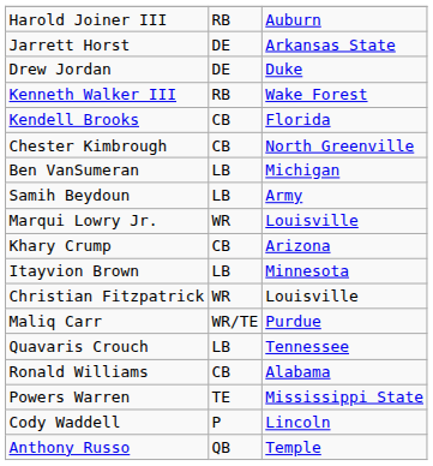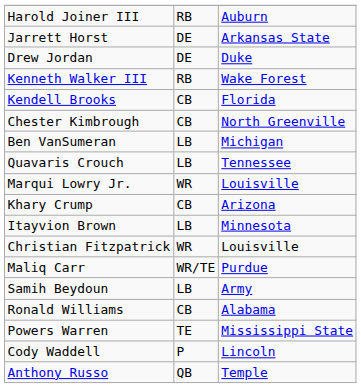 <table class="wikitable" style="display: inline-table;">
 <tr align="center">
 </tr>
 <tr>
 <td>Harold Joiner III</td>
 <td>RB</td>
 <td><a href='#'>Auburn</a></td>
 </tr>
 <tr>
 <td>Jarrett Horst</td>
 <td>DE</td>
 <td><a href='#'>Arkansas State</a></td>
 </tr>
 <tr>
 <td>Drew Jordan</td>
 <td>DE</td>
 <td><a href='#'>Duke</a></td>
 </tr>
 <tr>
 <td><a href='#'>Kenneth Walker III</a></td>
 <td>RB</td>
 <td><a href='#'>Wake Forest</a></td>
 </tr>
 <tr>
 <td><a href='#'>Kendell Brooks</a></td>
 <td>CB</td>
 <td><a href='#'>Florida</a></td>
 </tr>
 <tr>
 <td>Chester Kimbrough</td>
 <td>CB</td>
 <td><a href='#'>North Greenville</a></td>
 </tr>
 <tr>
 <td>Ben VanSumeran</td>
 <td>LB</td>
 <td><a href='#'>Michigan</a></td>
 </tr>
 <tr>
-<td>Samih Beydoun</td>
+<td>Quavaris Crouch</td>
 <td>LB</td>
-<td><a href='#'>Army</a></td>
+<td><a href='#'>Tennessee</a></td>
 </tr>
 <tr>
 <td>Marqui Lowry Jr.</td>
 <td>WR</td>
 <td><a href='#'>Louisville</a></td>
 </tr>
 <tr>
 <td>Khary Crump</td>
 <td>CB</td>
 <td><a href='#'>Arizona</a></td>
 </tr>
 <tr>
 <td>Itayvion Brown</td>
 <td>LB</td>
 <td><a href='#'>Minnesota</a></td>
 </tr>
 <tr>
 <td>Christian Fitzpatrick</td>
 <td>WR</td>
 <td>Louisville</td>
 </tr>
 <tr>
 <td>Maliq Carr</td>
 <td>WR/TE</td>
 <td><a href='#'>Purdue</a></td>
 </tr>
 <tr>
-<td>Quavaris Crouch</td>
+<td>Samih Beydoun</td>
 <td>LB</td>
-<td><a href='#'>Tennessee</a></td>
+<td><a href='#'>Army</a></td>
 </tr>
 <tr>
 <td>Ronald Williams</td>
 <td>CB</td>
 <td><a href='#'>Alabama</a></td>
 </tr>
 <tr>
 <td>Powers Warren</td>
 <td>TE</td>
 <td><a href='#'>Mississippi State</a></td>
 </tr>
 <tr>
 <td>Cody Waddell</td>
 <td>P</td>
 <td><a href='#'>Lincoln</a></td>
 </tr>
 <tr>
 <td><a href='#'>Anthony Russo</a></td>
 <td>QB</td>
 <td><a href='#'>Temple</a></td>
 </tr>
 </table>
